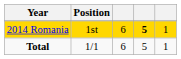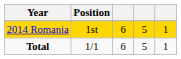 <table class="wikitable" style="text-align: center;">
 <tr>
 <th>Year</th>
 <th>Position</th>
 <th width=25px></th>
 <th width=25px></th>
 <th width=25px></th>
 </tr>
 <tr bgcolor="#FFD700">
 </tr>
 <tr bgcolor="gold">
 <td style="text-align: left;"> <a href='#'>2014 Romania</a></td>
 <td>1st </td>
 <td>6</td>
-<td><strong>5</strong></td>
+<td>5</td>
 <td>1</td>
 </tr>
 <tr>
 <td><strong>Total</strong></td>
 <td>1/1</td>
 <td>6</td>
 <td>5</td>
 <td>1</td>
 </tr>
 </table>
